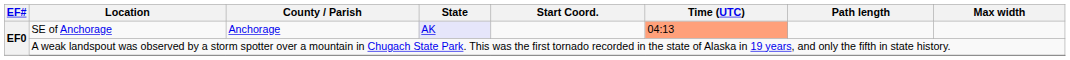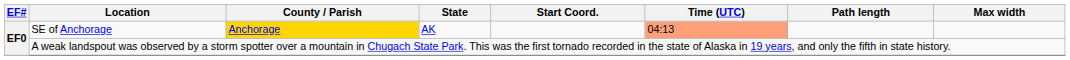 <table class="wikitable sortable" style="width:100%;">
 <tr>
 <th scope="col" width="2%" align="center"><a href='#'>EF#</a></th>
 <th scope="col" align="center" class="unsortable">Location</th>
 <th scope="col" align="center" class="unsortable">County / Parish</th>
 <th scope="col" align="center">State</th>
 <th scope="col" align="center">Start Coord.</th>
 <th scope="col" align="center">Time (<a href='#'>UTC</a>)</th>
 <th scope="col" align="center">Path length</th>
 <th scope="col" align="center">Max width</th>
 </tr>
 <tr>
 <th scope="row" rowspan="2" style="background-color:#">EF0</th>
 <td>SE of <a href='#'>Anchorage</a></td>
-<td><a href='#'>Anchorage</a></td>
-<td style="background: lavender;"><a href='#'>AK</a></td>
+<td style="background: gold;"><a href='#'>Anchorage</a></td>
+<td><a href='#'>AK</a></td>
 <td></td>
 <td style="background: lightsalmon;">04:13</td>
 <td></td>
 <td></td>
 </tr>
 <tr class="expand-child">
 <td colspan="8" style=" border-bottom: 1px solid black;">A weak landspout was observed by a storm spotter over a mountain in <a href='#'>Chugach State Park</a>. This was the first tornado recorded in the state of Alaska in <a href='#'>19 years</a>, and only the fifth in state history.</td>
 </tr>
 <tr>
 </tr>
 </table>
